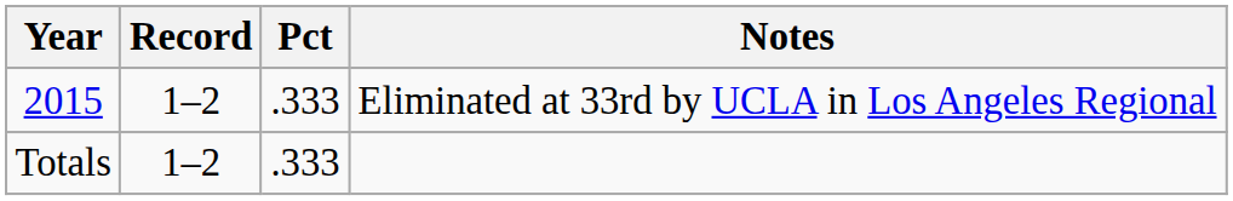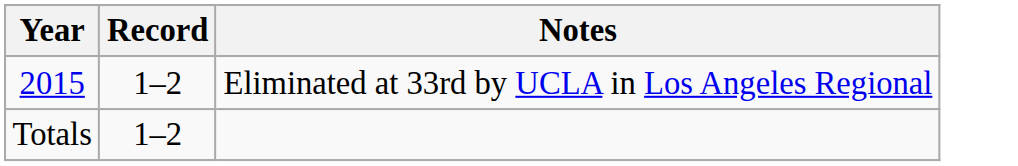 <table class="wikitable sortable" style="text-align:center">
 <tr>
 <th>Year</th>
 <th>Record</th>
-<th>Pct</th>
 <th>Notes</th>
 </tr>
 <tr>
 <td><a href='#'>2015</a></td>
 <td>1–2</td>
-<td>.333</td>
 <td>Eliminated at 33rd by <a href='#'>UCLA</a> in <a href='#'>Los Angeles Regional</a></td>
 </tr>
 <tr class="sortbottom">
 <td>Totals</td>
 <td>1–2</td>
-<td>.333</td>
 <td></td>
 </tr>
 </table>
